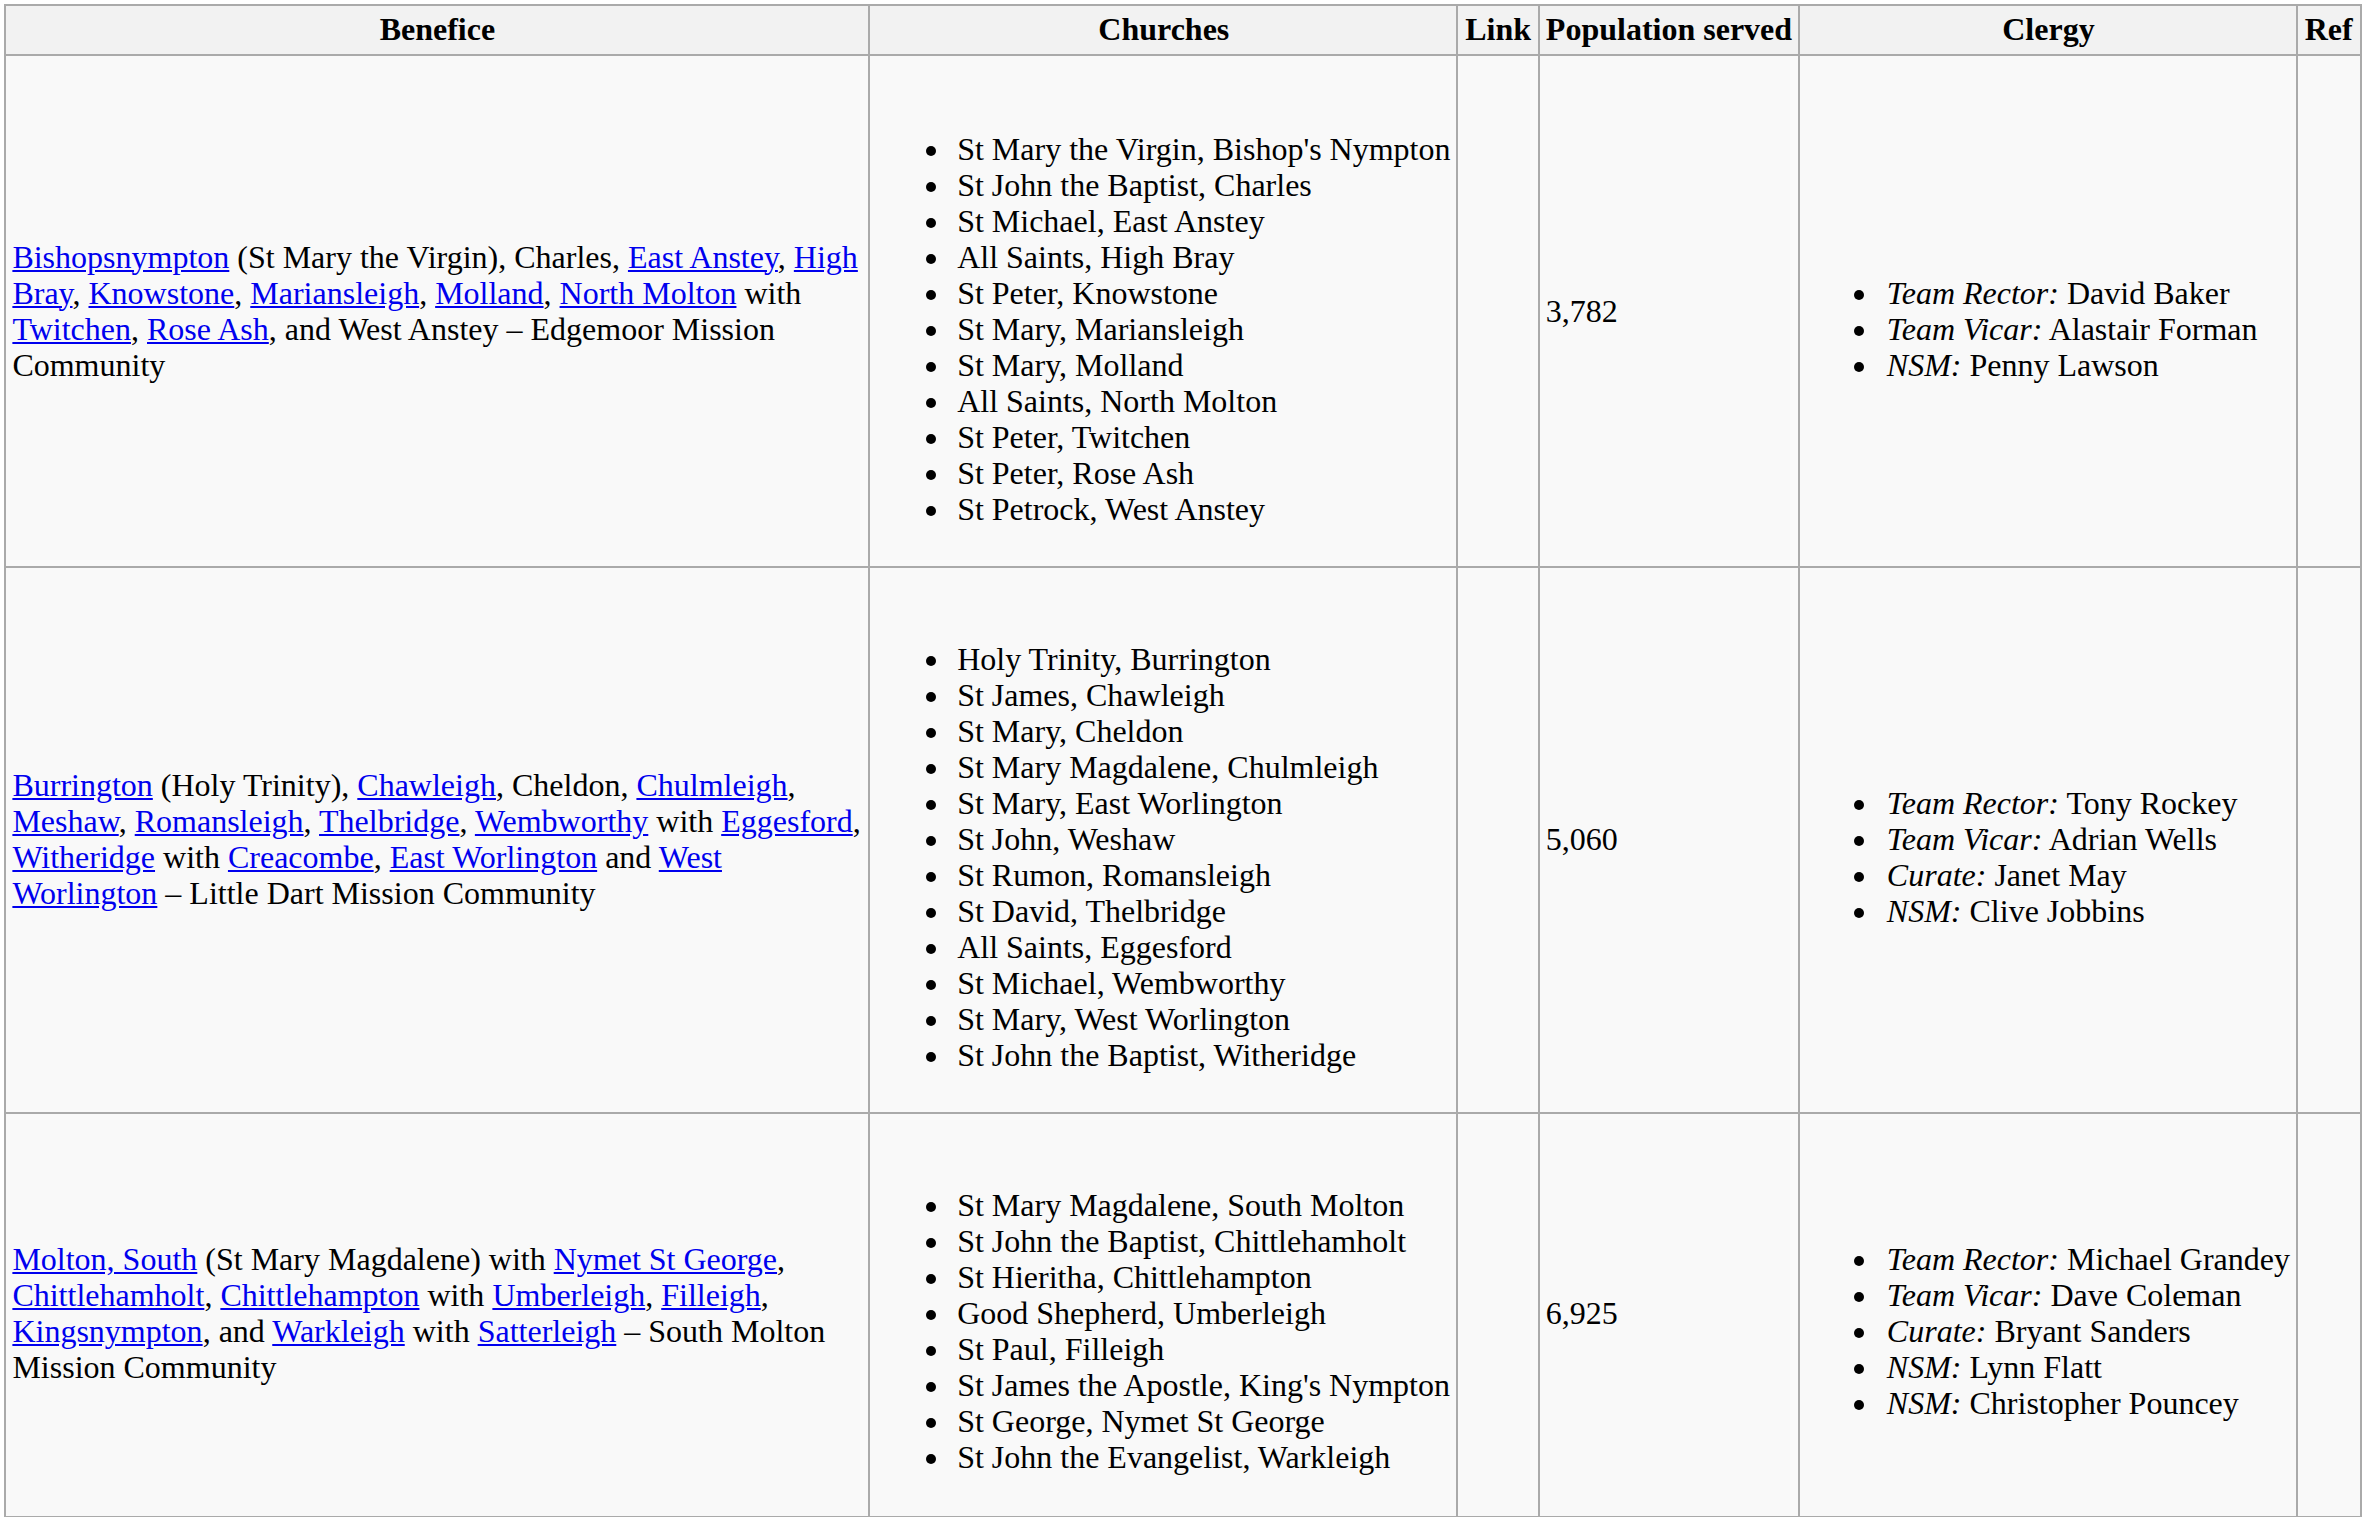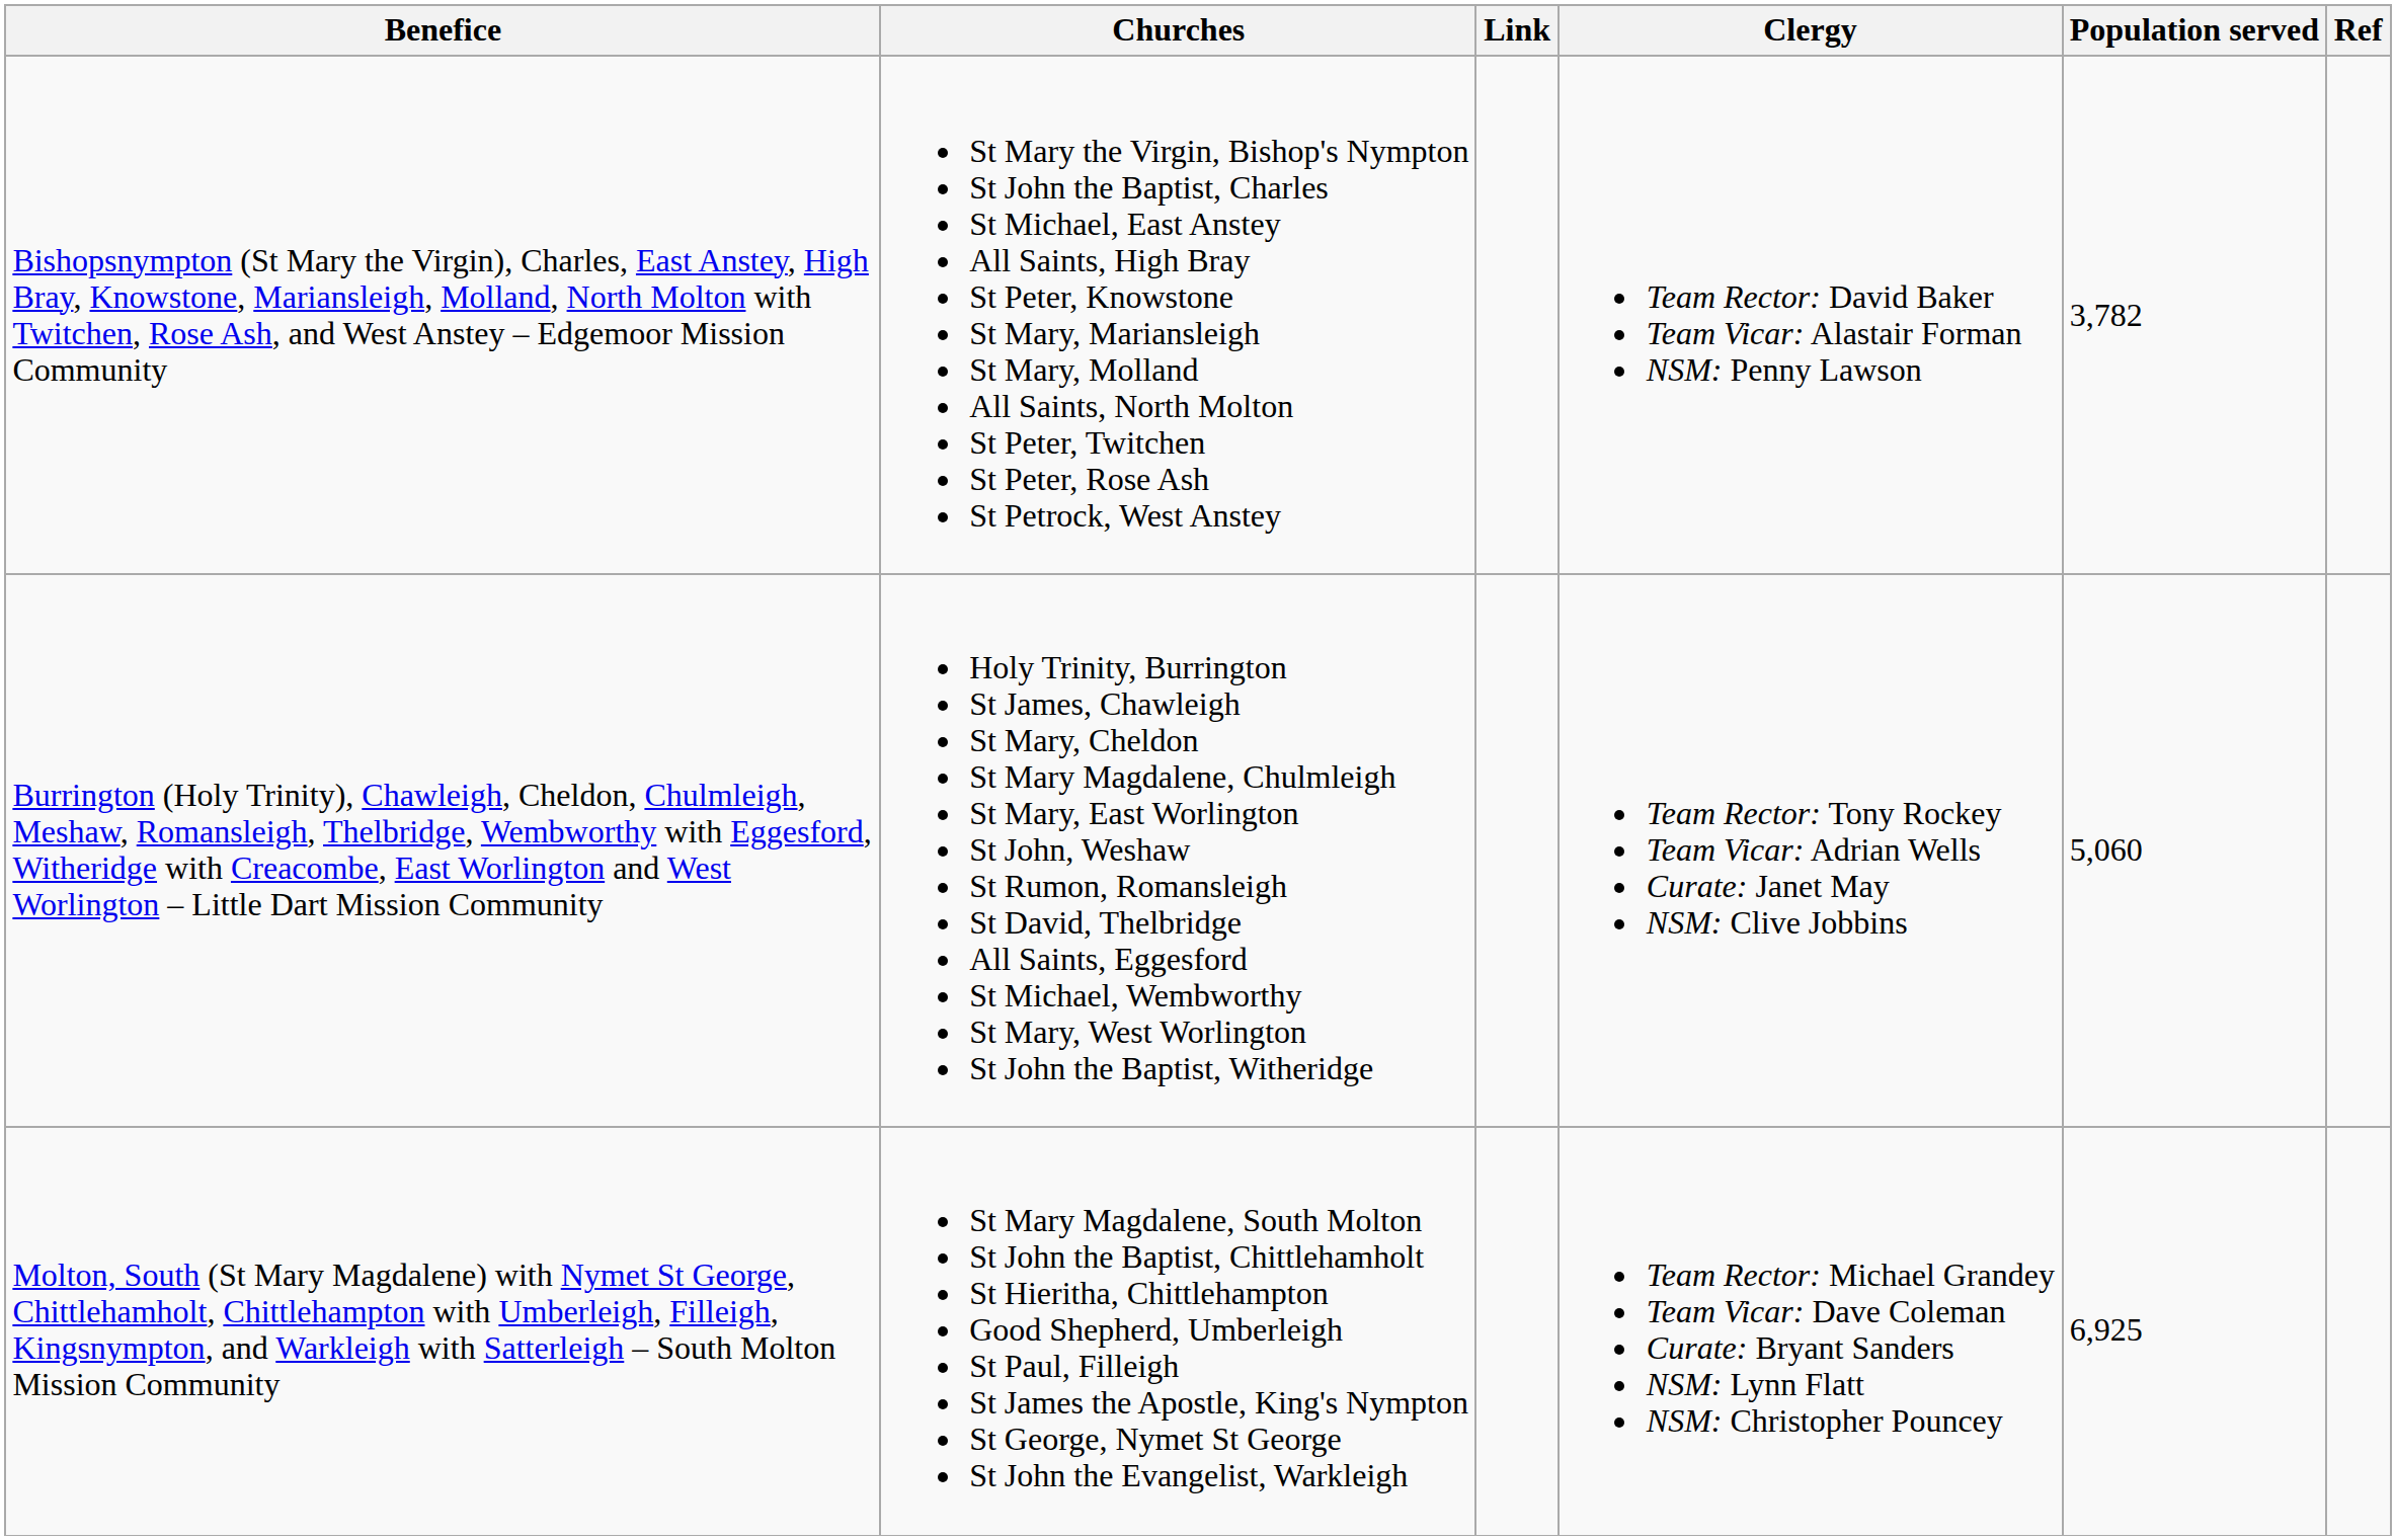 <table class="wikitable">
 <tr>
 <th width="425">Benefice</th>
 <th>Churches</th>
 <th>Link</th>
+<th>Clergy</th>
 <th>Population served</th>
-<th>Clergy</th>
 <th>Ref</th>
 </tr>
 <tr>
 <td><a href='#'>Bishopsnympton</a> (St Mary the Virgin), Charles, <a href='#'>East Anstey</a>, <a href='#'>High Bray</a>, <a href='#'>Knowstone</a>, <a href='#'>Mariansleigh</a>, <a href='#'>Molland</a>, <a href='#'>North Molton</a> with <a href='#'>Twitchen</a>, <a href='#'>Rose Ash</a>, and West Anstey – Edgemoor Mission Community</td>
 <td><br><ul><li>St Mary the Virgin, Bishop's Nympton</li><li>St John the Baptist, Charles</li><li>St Michael, East Anstey</li><li>All Saints, High Bray</li><li>St Peter, Knowstone</li><li>St Mary, Mariansleigh</li><li>St Mary, Molland</li><li>All Saints, North Molton</li><li>St Peter, Twitchen</li><li>St Peter, Rose Ash</li><li>St Petrock, West Anstey</li></ul></td>
 <td></td>
+<td><br><ul><li><em>Team Rector:</em> David Baker</li><li><em>Team Vicar:</em> Alastair Forman</li><li><em>NSM:</em> Penny Lawson</li></ul></td>
 <td>3,782</td>
-<td><br><ul><li><em>Team Rector:</em> David Baker</li><li><em>Team Vicar:</em> Alastair Forman</li><li><em>NSM:</em> Penny Lawson</li></ul></td>
 <td></td>
 </tr>
 <tr>
 <td><a href='#'>Burrington</a> (Holy Trinity), <a href='#'>Chawleigh</a>, Cheldon, <a href='#'>Chulmleigh</a>, <a href='#'>Meshaw</a>, <a href='#'>Romansleigh</a>, <a href='#'>Thelbridge</a>, <a href='#'>Wembworthy</a> with <a href='#'>Eggesford</a>, <a href='#'>Witheridge</a> with <a href='#'>Creacombe</a>, <a href='#'>East Worlington</a> and <a href='#'>West Worlington</a> – Little Dart Mission Community</td>
 <td><br><ul><li>Holy Trinity, Burrington</li><li>St James, Chawleigh</li><li>St Mary, Cheldon</li><li>St Mary Magdalene, Chulmleigh</li><li>St Mary, East Worlington</li><li>St John, Weshaw</li><li>St Rumon, Romansleigh</li><li>St David, Thelbridge</li><li>All Saints, Eggesford</li><li>St Michael, Wembworthy</li><li>St Mary, West Worlington</li><li>St John the Baptist, Witheridge</li></ul></td>
 <td></td>
+<td><br><ul><li><em>Team Rector:</em> Tony Rockey</li><li><em>Team Vicar:</em> Adrian Wells</li><li><em>Curate:</em> Janet May</li><li><em>NSM:</em> Clive Jobbins</li></ul></td>
 <td>5,060</td>
-<td><br><ul><li><em>Team Rector:</em> Tony Rockey</li><li><em>Team Vicar:</em> Adrian Wells</li><li><em>Curate:</em> Janet May</li><li><em>NSM:</em> Clive Jobbins</li></ul></td>
 <td></td>
 </tr>
 <tr>
 <td><a href='#'>Molton, South</a> (St Mary Magdalene) with <a href='#'>Nymet St George</a>, <a href='#'>Chittlehamholt</a>, <a href='#'>Chittlehampton</a> with <a href='#'>Umberleigh</a>, <a href='#'>Filleigh</a>, <a href='#'>Kingsnympton</a>, and <a href='#'>Warkleigh</a> with <a href='#'>Satterleigh</a> – South Molton Mission Community</td>
 <td><br><ul><li>St Mary Magdalene, South Molton </li><li>St John the Baptist, Chittlehamholt</li><li>St Hieritha, Chittlehampton</li><li>Good Shepherd, Umberleigh</li><li>St Paul, Filleigh</li><li>St James the Apostle, King's Nympton</li><li>St George, Nymet St George</li><li>St John the Evangelist, Warkleigh</li></ul></td>
 <td></td>
+<td><br><ul><li><em>Team Rector:</em> Michael Grandey</li><li><em>Team Vicar:</em> Dave Coleman</li><li><em>Curate:</em> Bryant Sanders</li><li><em>NSM:</em> Lynn Flatt</li><li><em>NSM:</em> Christopher Pouncey</li></ul></td>
 <td>6,925</td>
-<td><br><ul><li><em>Team Rector:</em> Michael Grandey</li><li><em>Team Vicar:</em> Dave Coleman</li><li><em>Curate:</em> Bryant Sanders</li><li><em>NSM:</em> Lynn Flatt</li><li><em>NSM:</em> Christopher Pouncey</li></ul></td>
 <td></td>
 </tr>
 </table>
